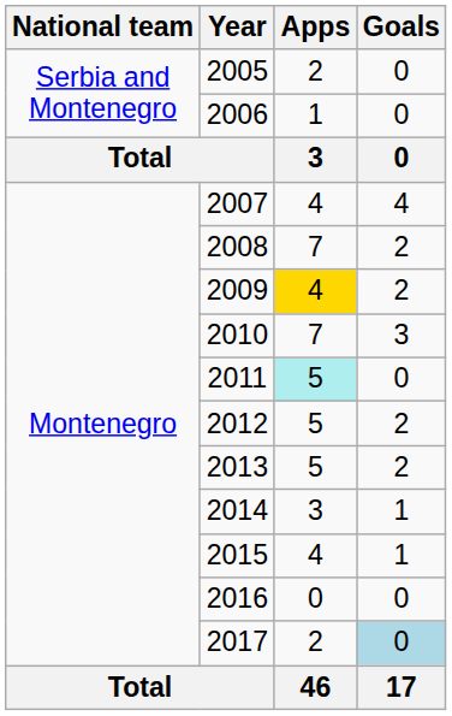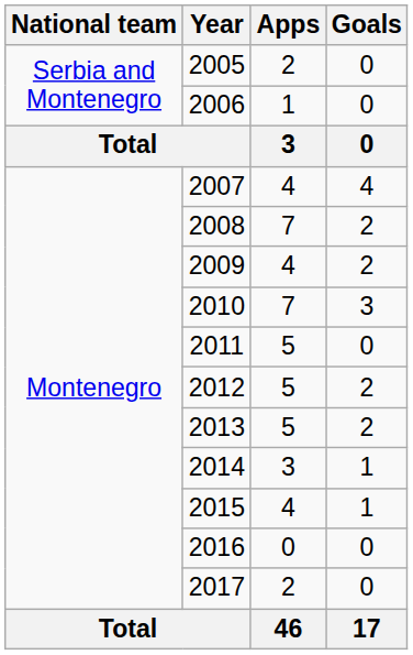 <table class="wikitable" style="text-align:center">
 <tr>
 <th>National team</th>
 <th>Year</th>
 <th>Apps</th>
 <th>Goals</th>
 </tr>
 <tr>
 <td rowspan=2><a href='#'>Serbia and<br>Montenegro</a></td>
 <td>2005</td>
 <td>2</td>
 <td>0</td>
 </tr>
 <tr>
 <td>2006</td>
 <td>1</td>
 <td>0</td>
 </tr>
 <tr>
 <th colspan="2">Total</th>
 <th>3</th>
 <th>0</th>
 </tr>
 <tr>
 <td rowspan=11><a href='#'>Montenegro</a></td>
 <td>2007</td>
 <td>4</td>
 <td>4</td>
 </tr>
 <tr>
 <td>2008</td>
 <td>7</td>
 <td>2</td>
 </tr>
 <tr>
 <td>2009</td>
-<td style="background: gold;">4</td>
+<td>4</td>
 <td>2</td>
 </tr>
 <tr>
 <td>2010</td>
 <td>7</td>
 <td>3</td>
 </tr>
 <tr>
 <td>2011</td>
-<td style="background: paleturquoise;">5</td>
+<td>5</td>
 <td>0</td>
 </tr>
 <tr>
 <td>2012</td>
 <td>5</td>
 <td>2</td>
 </tr>
 <tr>
 <td>2013</td>
 <td>5</td>
 <td>2</td>
 </tr>
 <tr>
 <td>2014</td>
 <td>3</td>
 <td>1</td>
 </tr>
 <tr>
 <td>2015</td>
 <td>4</td>
 <td>1</td>
 </tr>
 <tr>
 <td>2016</td>
 <td>0</td>
 <td>0</td>
 </tr>
 <tr>
 <td>2017</td>
 <td>2</td>
-<td style="background: lightblue;">0</td>
+<td>0</td>
 </tr>
 <tr>
 <th colspan="2">Total</th>
 <th>46</th>
 <th>17</th>
 </tr>
 </table>
